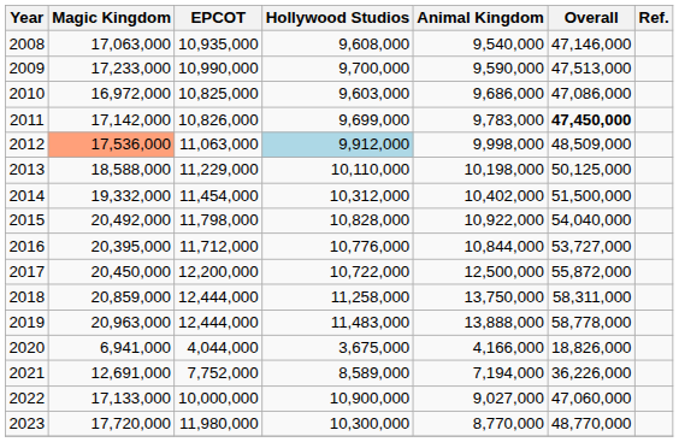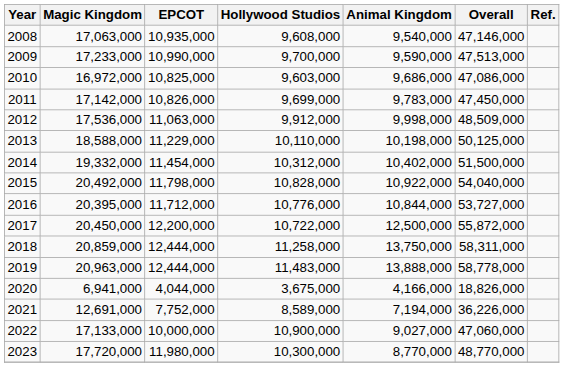 <table class="wikitable sortable sticky-header" style="text-align:right">
 <tr>
 <th>Year</th>
 <th>Magic Kingdom</th>
 <th>EPCOT</th>
 <th>Hollywood Studios</th>
 <th>Animal Kingdom</th>
 <th>Overall</th>
 <th class="unsortable">Ref.</th>
 </tr>
 <tr>
 <td style="text-align:center">2008</td>
 <td>17,063,000</td>
 <td>10,935,000</td>
 <td>9,608,000</td>
 <td>9,540,000</td>
 <td>47,146,000</td>
 <td style="text-align:center"></td>
 </tr>
 <tr>
 <td style="text-align:center">2009</td>
 <td>17,233,000</td>
 <td>10,990,000</td>
 <td>9,700,000</td>
 <td>9,590,000</td>
 <td>47,513,000</td>
 <td style="text-align:center"></td>
 </tr>
 <tr>
 <td style="text-align:center">2010</td>
 <td>16,972,000</td>
 <td>10,825,000</td>
 <td>9,603,000</td>
 <td>9,686,000</td>
 <td>47,086,000</td>
 <td style="text-align:center"></td>
 </tr>
 <tr>
 <td style="text-align:center">2011</td>
 <td>17,142,000</td>
 <td>10,826,000</td>
 <td>9,699,000</td>
 <td>9,783,000</td>
-<td><strong>47,450,000</strong></td>
+<td>47,450,000</td>
 <td style="text-align:center"></td>
 </tr>
 <tr>
 <td style="text-align:center">2012</td>
-<td style="background: lightsalmon;">17,536,000</td>
+<td>17,536,000</td>
 <td>11,063,000</td>
-<td style="background: lightblue;">9,912,000</td>
+<td>9,912,000</td>
 <td>9,998,000</td>
 <td>48,509,000</td>
 <td style="text-align:center"></td>
 </tr>
 <tr>
 <td style="text-align:center">2013</td>
 <td>18,588,000</td>
 <td>11,229,000</td>
 <td>10,110,000</td>
 <td>10,198,000</td>
 <td>50,125,000</td>
 <td style="text-align:center"></td>
 </tr>
 <tr>
 <td style="text-align:center">2014</td>
 <td>19,332,000</td>
 <td>11,454,000</td>
 <td>10,312,000</td>
 <td>10,402,000</td>
 <td>51,500,000</td>
 <td style="text-align:center"></td>
 </tr>
 <tr>
 <td style="text-align:center">2015</td>
 <td>20,492,000</td>
 <td>11,798,000</td>
 <td>10,828,000</td>
 <td>10,922,000</td>
 <td>54,040,000</td>
 <td style="text-align:center"></td>
 </tr>
 <tr>
 <td style="text-align:center">2016</td>
 <td>20,395,000</td>
 <td>11,712,000</td>
 <td>10,776,000</td>
 <td>10,844,000</td>
 <td>53,727,000</td>
 <td style="text-align:center"></td>
 </tr>
 <tr>
 <td style="text-align:center">2017</td>
 <td>20,450,000</td>
 <td>12,200,000</td>
 <td>10,722,000</td>
 <td>12,500,000</td>
 <td>55,872,000</td>
 <td style="text-align:center"></td>
 </tr>
 <tr>
 <td style="text-align:center">2018</td>
 <td>20,859,000</td>
 <td>12,444,000</td>
 <td>11,258,000</td>
 <td>13,750,000</td>
 <td>58,311,000</td>
 <td style="text-align:center"></td>
 </tr>
 <tr>
 <td style="text-align:center">2019</td>
 <td>20,963,000</td>
 <td>12,444,000</td>
 <td>11,483,000</td>
 <td>13,888,000</td>
 <td>58,778,000</td>
 <td style="text-align:center"></td>
 </tr>
 <tr>
 <td style="text-align:center">2020</td>
 <td>6,941,000</td>
 <td>4,044,000</td>
 <td>3,675,000</td>
 <td>4,166,000</td>
 <td>18,826,000</td>
 <td style="text-align:center"></td>
 </tr>
 <tr>
 <td style="text-align:center">2021</td>
 <td>12,691,000</td>
 <td>7,752,000</td>
 <td>8,589,000</td>
 <td>7,194,000</td>
 <td>36,226,000</td>
 <td style="text-align:center"></td>
 </tr>
 <tr>
 <td style="text-align:center">2022</td>
 <td>17,133,000</td>
 <td>10,000,000</td>
 <td>10,900,000</td>
 <td>9,027,000</td>
 <td>47,060,000</td>
 <td style="text-align:center"></td>
 </tr>
 <tr>
 <td style="text-align:center">2023</td>
 <td>17,720,000</td>
 <td>11,980,000</td>
 <td>10,300,000</td>
 <td>8,770,000</td>
 <td>48,770,000</td>
 <td style="text-align:center"></td>
 </tr>
 <tr>
 </tr>
 </table>
